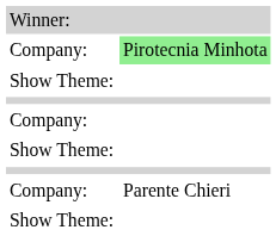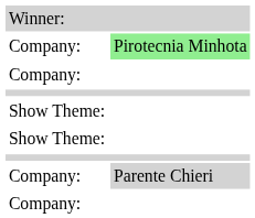 <table border="0" cellpadding="3">
 <tr>
 <td colspan="2" style="background:lightgrey;">Winner: </td>
 </tr>
 <tr>
 <td>Company:</td>
 <td style="background: lightgreen;">Pirotecnia Minhota</td>
 </tr>
 <tr>
-<td>Show Theme:</td>
+<td>Company:</td>
 <td></td>
 </tr>
 <tr>
 <td colspan="2" style="background:lightgrey;"></td>
 </tr>
 <tr>
-<td>Company:</td>
+<td>Show Theme:</td>
 <td></td>
 </tr>
 <tr>
 <td>Show Theme:</td>
 <td></td>
 </tr>
 <tr>
 <td colspan="2" style="background:lightgrey;"></td>
 </tr>
 <tr>
 <td>Company:</td>
-<td>Parente Chieri</td>
+<td style="background: lightgrey;">Parente Chieri</td>
 </tr>
 <tr>
-<td>Show Theme:</td>
+<td>Company:</td>
 <td></td>
 </tr>
 </table>
